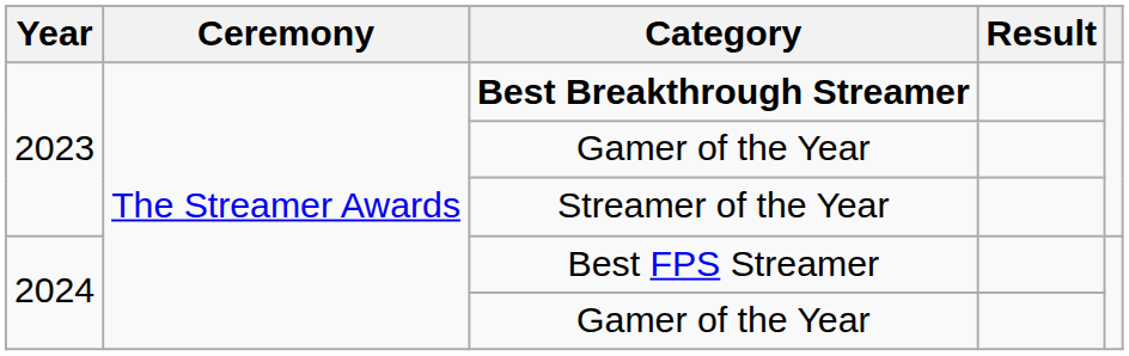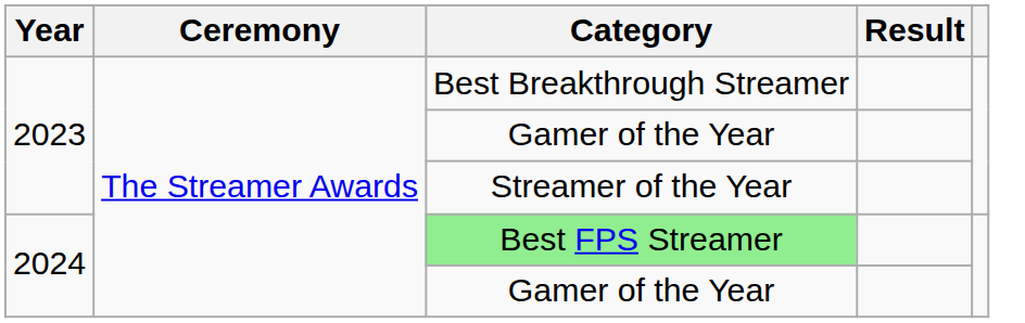 <table class="wikitable" style="text-align:center;">
 <tr>
 <th>Year</th>
 <th>Ceremony</th>
 <th>Category</th>
 <th>Result</th>
 <th></th>
 </tr>
 <tr>
 <td rowspan="3">2023</td>
 <td rowspan="5"><a href='#'>The Streamer Awards</a></td>
-<td><strong>Best Breakthrough Streamer</strong></td>
+<td>Best Breakthrough Streamer</td>
 <td></td>
 <td rowspan="3"></td>
 </tr>
 <tr>
 <td>Gamer of the Year</td>
 <td></td>
 </tr>
 <tr>
 <td>Streamer of the Year</td>
 <td></td>
 </tr>
 <tr>
 <td rowspan="2">2024</td>
-<td>Best <a href='#'>FPS</a> Streamer</td>
+<td style="background: lightgreen;">Best <a href='#'>FPS</a> Streamer</td>
 <td></td>
 <td rowspan="2"></td>
 </tr>
 <tr>
 <td>Gamer of the Year</td>
 <td></td>
 </tr>
 </table>
